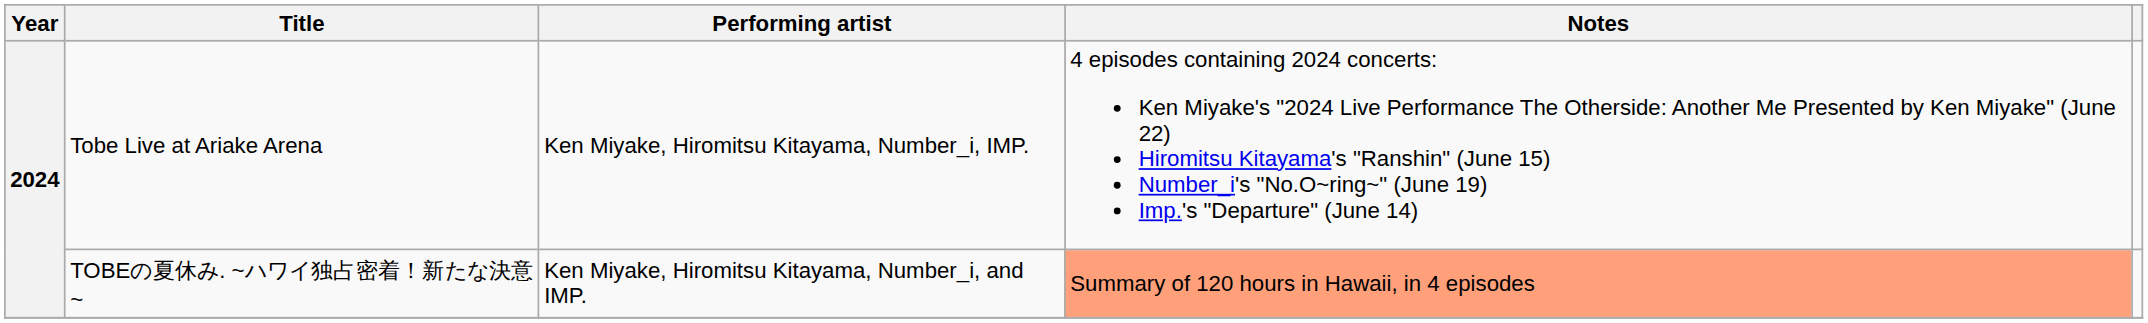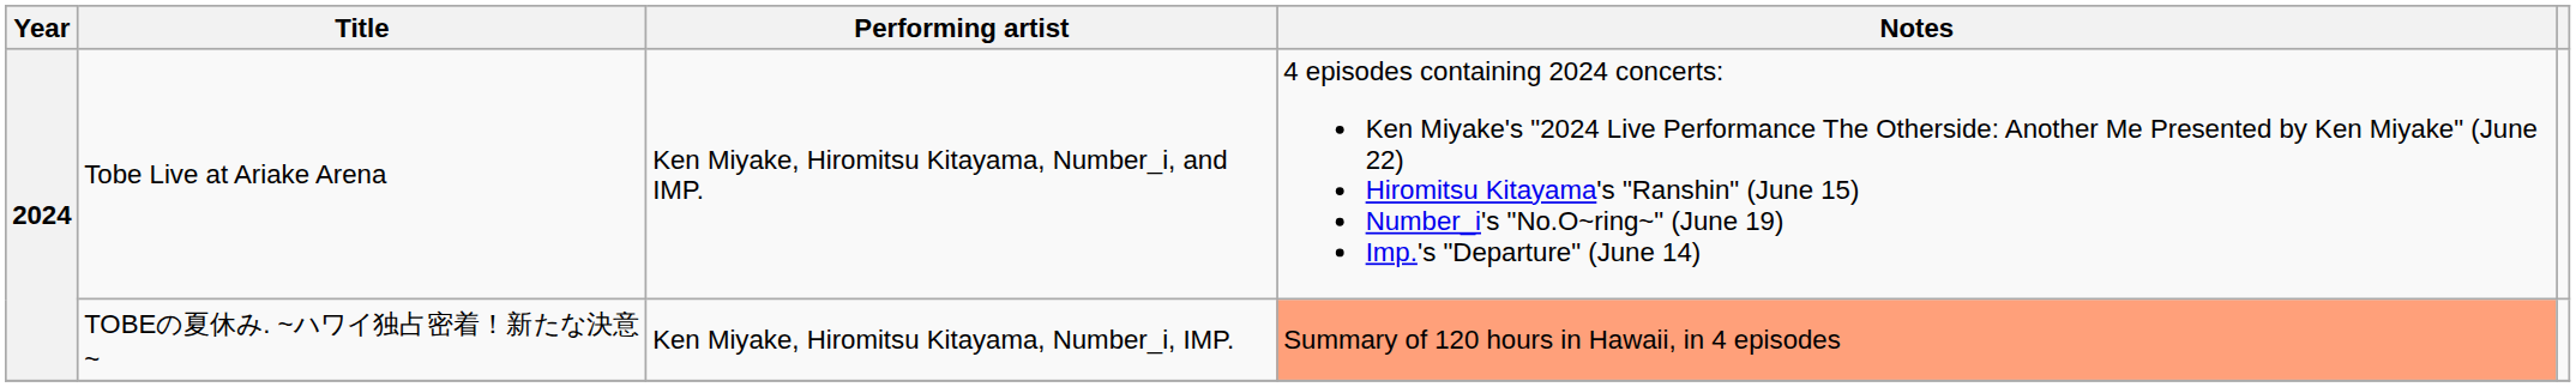 <table class="wikitable" style="text-align:left;font-size:small;">
 <tr>
 <th>Year</th>
 <th>Title</th>
 <th>Performing artist</th>
 <th>Notes</th>
 <th></th>
 </tr>
 <tr>
 <th rowspan="2">2024</th>
 <td>Tobe Live at Ariake Arena</td>
-<td>Ken Miyake, Hiromitsu Kitayama, Number_i, IMP.</td>
+<td>Ken Miyake, Hiromitsu Kitayama, Number_i, and IMP.</td>
 <td>4 episodes containing 2024 concerts:<br><ul><li>Ken Miyake's "2024 Live Performance The Otherside: Another Me Presented by Ken Miyake" (June 22)</li><li><a href='#'>Hiromitsu Kitayama</a>'s "Ranshin" (June 15)</li><li><a href='#'>Number_i</a>'s "No.O~ring~" (June 19)</li><li><a href='#'>Imp.</a>'s "Departure" (June 14)</li></ul></td>
 <td></td>
 </tr>
 <tr>
 <td>TOBEの夏休み. ~ハワイ独占密着！新たな決意~</td>
-<td>Ken Miyake, Hiromitsu Kitayama, Number_i, and IMP.</td>
+<td>Ken Miyake, Hiromitsu Kitayama, Number_i, IMP.</td>
 <td style="background: lightsalmon;">Summary of 120 hours in Hawaii, in 4 episodes</td>
 <td></td>
 </tr>
 <tr>
 </tr>
 </table>
